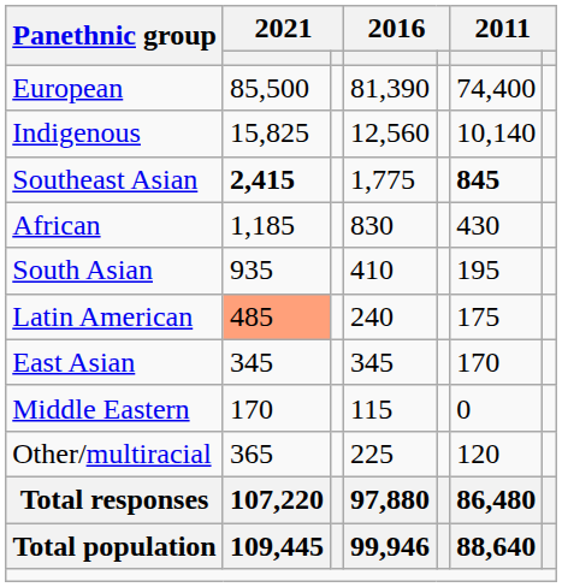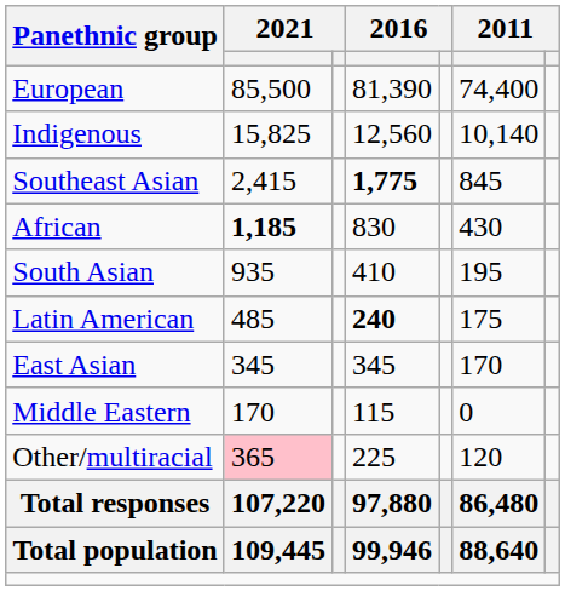 <table class="wikitable collapsible sortable">
 <tr>
 <th rowspan="2"><a href='#'>Panethnic</a> group</th>
 <th colspan="2">2021</th>
 <th colspan="2">2016</th>
 <th colspan="2">2011</th>
 </tr>
 <tr>
 <th><a href='#'></a></th>
 <th></th>
 <th></th>
 <th></th>
 <th></th>
 <th></th>
 </tr>
 <tr>
 <td><a href='#'>European</a></td>
 <td>85,500</td>
 <td></td>
 <td>81,390</td>
 <td></td>
 <td>74,400</td>
 <td></td>
 </tr>
 <tr>
 <td><a href='#'>Indigenous</a></td>
 <td>15,825</td>
 <td></td>
 <td>12,560</td>
 <td></td>
 <td>10,140</td>
 <td></td>
 </tr>
 <tr>
 <td><a href='#'>Southeast Asian</a></td>
-<td><strong>2,415</strong></td>
+<td>2,415</td>
 <td></td>
-<td>1,775</td>
+<td><strong>1,775</strong></td>
 <td></td>
-<td><strong>845</strong></td>
+<td>845</td>
 <td></td>
 </tr>
 <tr>
 <td><a href='#'>African</a></td>
-<td>1,185</td>
+<td><strong>1,185</strong></td>
 <td></td>
 <td>830</td>
 <td></td>
 <td>430</td>
 <td></td>
 </tr>
 <tr>
 <td><a href='#'>South Asian</a></td>
 <td>935</td>
 <td></td>
 <td>410</td>
 <td></td>
 <td>195</td>
 <td></td>
 </tr>
 <tr>
 <td><a href='#'>Latin American</a></td>
-<td style="background: lightsalmon;">485</td>
+<td>485</td>
 <td></td>
-<td>240</td>
+<td><strong>240</strong></td>
 <td></td>
 <td>175</td>
 <td></td>
 </tr>
 <tr>
 <td><a href='#'>East Asian</a></td>
 <td>345</td>
 <td></td>
 <td>345</td>
 <td></td>
 <td>170</td>
 <td></td>
 </tr>
 <tr>
 <td><a href='#'>Middle Eastern</a></td>
 <td>170</td>
 <td></td>
 <td>115</td>
 <td></td>
 <td>0</td>
 <td></td>
 </tr>
 <tr>
 <td>Other/<a href='#'>multiracial</a></td>
-<td>365</td>
+<td style="background: pink;">365</td>
 <td></td>
 <td>225</td>
 <td></td>
 <td>120</td>
 <td></td>
 </tr>
 <tr>
 <th>Total responses</th>
 <th>107,220</th>
 <th></th>
 <th>97,880</th>
 <th></th>
 <th>86,480</th>
 <th></th>
 </tr>
 <tr class="sortbottom">
 <th>Total population</th>
 <th>109,445</th>
 <th></th>
 <th>99,946</th>
 <th></th>
 <th>88,640</th>
 <th></th>
 </tr>
 <tr class="sortbottom">
 <td colspan="15"></td>
 </tr>
 </table>
